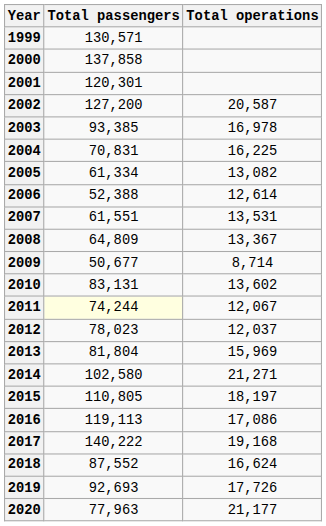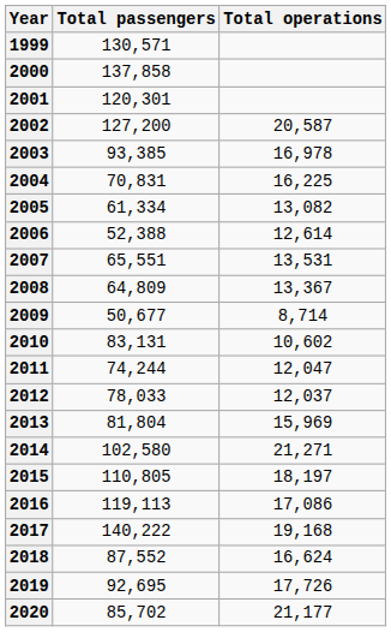 <table class="wikitable" style="text-align: center;">
 <tr>
 <th>Year</th>
 <th>Total passengers</th>
 <th>Total operations</th>
 </tr>
 <tr>
 <th>1999</th>
 <td>130,571</td>
 <td> </td>
 </tr>
 <tr>
 <th>2000</th>
 <td>137,858</td>
 <td> </td>
 </tr>
 <tr>
 <th>2001</th>
 <td>120,301</td>
 <td> </td>
 </tr>
 <tr>
 <th>2002</th>
 <td>127,200</td>
 <td>20,587</td>
 </tr>
 <tr>
 <th>2003</th>
 <td>93,385</td>
 <td>16,978</td>
 </tr>
 <tr>
 <th>2004</th>
 <td>70,831</td>
 <td>16,225</td>
 </tr>
 <tr>
 <th>2005</th>
 <td>61,334</td>
 <td>13,082</td>
 </tr>
 <tr>
 <th>2006</th>
 <td>52,388</td>
 <td>12,614</td>
 </tr>
 <tr>
 <th>2007</th>
-<td>61,551</td>
+<td>65,551</td>
 <td>13,531</td>
 </tr>
 <tr>
 <th>2008</th>
 <td>64,809</td>
 <td>13,367</td>
 </tr>
 <tr>
 <th>2009</th>
 <td>50,677</td>
 <td>8,714</td>
 </tr>
 <tr>
 <th>2010</th>
 <td>83,131</td>
-<td>13,602</td>
+<td>10,602</td>
 </tr>
 <tr>
 <th>2011</th>
-<td style="background: lightyellow;">74,244</td>
-<td>12,067</td>
+<td>74,244</td>
+<td>12,047</td>
 </tr>
 <tr>
 <th>2012</th>
-<td>78,023</td>
+<td>78,033</td>
 <td>12,037</td>
 </tr>
 <tr>
 <th>2013</th>
 <td>81,804</td>
 <td>15,969</td>
 </tr>
 <tr>
 <th>2014</th>
 <td>102,580</td>
 <td>21,271</td>
 </tr>
 <tr>
 <th>2015</th>
 <td>110,805</td>
 <td>18,197</td>
 </tr>
 <tr>
 <th>2016</th>
 <td>119,113</td>
 <td>17,086</td>
 </tr>
 <tr>
 <th>2017</th>
 <td>140,222</td>
 <td>19,168</td>
 </tr>
 <tr>
 <th>2018</th>
 <td>87,552</td>
 <td>16,624</td>
 </tr>
 <tr>
 <th>2019</th>
-<td>92,693</td>
+<td>92,695</td>
 <td>17,726</td>
 </tr>
 <tr>
 <th>2020</th>
-<td>77,963</td>
+<td>85,702</td>
 <td>21,177</td>
 </tr>
 </table>
